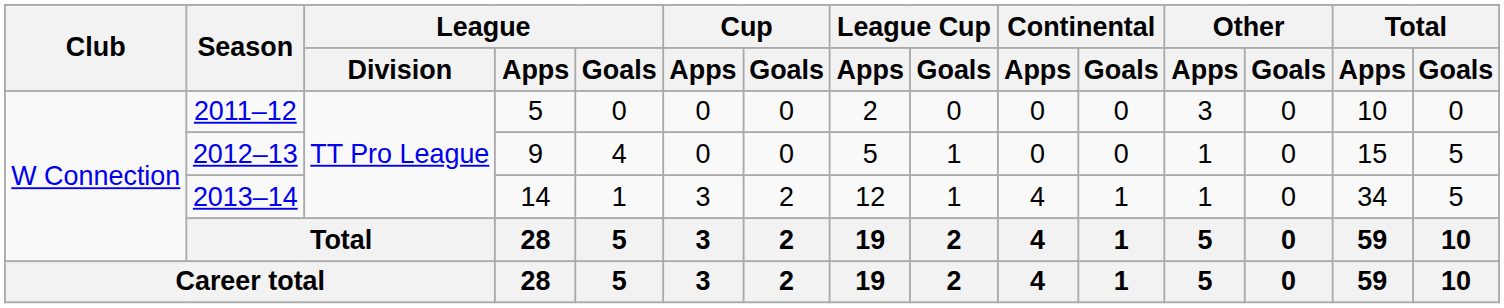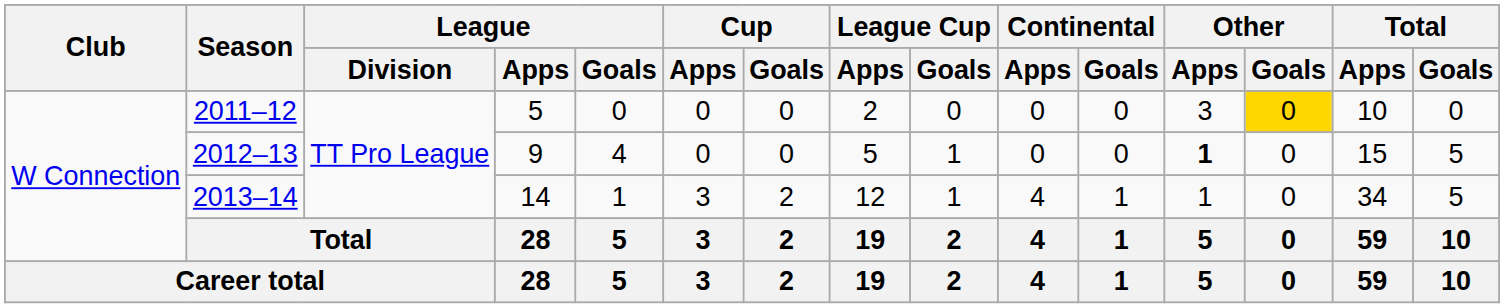 <table class="wikitable" style="text-align: center; font-size:90%;">
 <tr>
 <th rowspan="2">Club</th>
 <th rowspan="2">Season</th>
 <th colspan="3">League</th>
 <th colspan="2">Cup</th>
 <th colspan="2">League Cup</th>
 <th colspan="2">Continental</th>
 <th colspan="2">Other</th>
 <th colspan="2">Total</th>
 </tr>
 <tr>
 <th>Division</th>
 <th>Apps</th>
 <th>Goals</th>
 <th>Apps</th>
 <th>Goals</th>
 <th>Apps</th>
 <th>Goals</th>
 <th>Apps</th>
 <th>Goals</th>
 <th>Apps</th>
 <th>Goals</th>
 <th>Apps</th>
 <th>Goals</th>
 </tr>
 <tr>
 <td rowspan="4" align="left"><a href='#'>W Connection</a></td>
 <td><a href='#'>2011–12</a></td>
 <td rowspan="3"><a href='#'>TT Pro League</a></td>
 <td>5</td>
 <td>0</td>
 <td>0</td>
 <td>0</td>
 <td>2</td>
 <td>0</td>
 <td>0</td>
 <td>0</td>
 <td>3</td>
-<td>0</td>
+<td style="background: gold;">0</td>
 <td>10</td>
 <td>0</td>
 </tr>
 <tr>
 <td><a href='#'>2012–13</a></td>
 <td>9</td>
 <td>4</td>
 <td>0</td>
 <td>0</td>
 <td>5</td>
 <td>1</td>
 <td>0</td>
 <td>0</td>
-<td>1</td>
+<td><strong>1</strong></td>
 <td>0</td>
 <td>15</td>
 <td>5</td>
 </tr>
 <tr>
 <td><a href='#'>2013–14</a></td>
 <td>14</td>
 <td>1</td>
 <td>3</td>
 <td>2</td>
 <td>12</td>
 <td>1</td>
 <td>4</td>
 <td>1</td>
 <td>1</td>
 <td>0</td>
 <td>34</td>
 <td>5</td>
 </tr>
 <tr>
 <th colspan="2">Total</th>
 <th>28</th>
 <th>5</th>
 <th>3</th>
 <th>2</th>
 <th>19</th>
 <th>2</th>
 <th>4</th>
 <th>1</th>
 <th>5</th>
 <th>0</th>
 <th>59</th>
 <th>10</th>
 </tr>
 <tr>
 <th colspan=3>Career total</th>
 <th>28</th>
 <th>5</th>
 <th>3</th>
 <th>2</th>
 <th>19</th>
 <th>2</th>
 <th>4</th>
 <th>1</th>
 <th>5</th>
 <th>0</th>
 <th>59</th>
 <th>10</th>
 </tr>
 </table>
